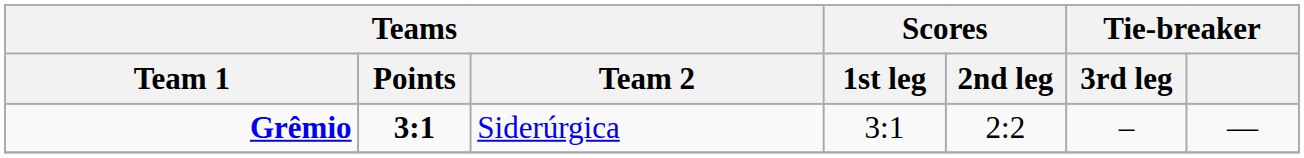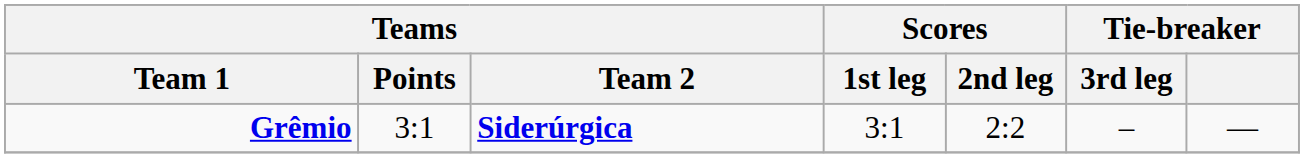 <table class="wikitable" style="text-align:center;">
 <tr>
 <th colspan=3>Teams</th>
 <th colspan=2>Scores</th>
 <th colspan=2>Tie-breaker</th>
 </tr>
 <tr>
 <th width="175">Team 1</th>
 <th width="50">Points</th>
 <th width="175">Team 2</th>
 <th width="55">1st leg</th>
 <th width="55">2nd leg</th>
 <th width="55">3rd leg</th>
 <th width="50"></th>
 </tr>
 <tr>
 <td align=right><strong><a href='#'>Grêmio</a></strong> </td>
-<td><strong>3:1</strong></td>
-<td align=left> <a href='#'>Siderúrgica</a></td>
+<td>3:1</td>
+<td align=left><strong> <a href='#'>Siderúrgica</a></strong></td>
 <td>3:1</td>
 <td>2:2</td>
 <td>–</td>
 <td>—</td>
 </tr>
 <tr>
 </tr>
 </table>
